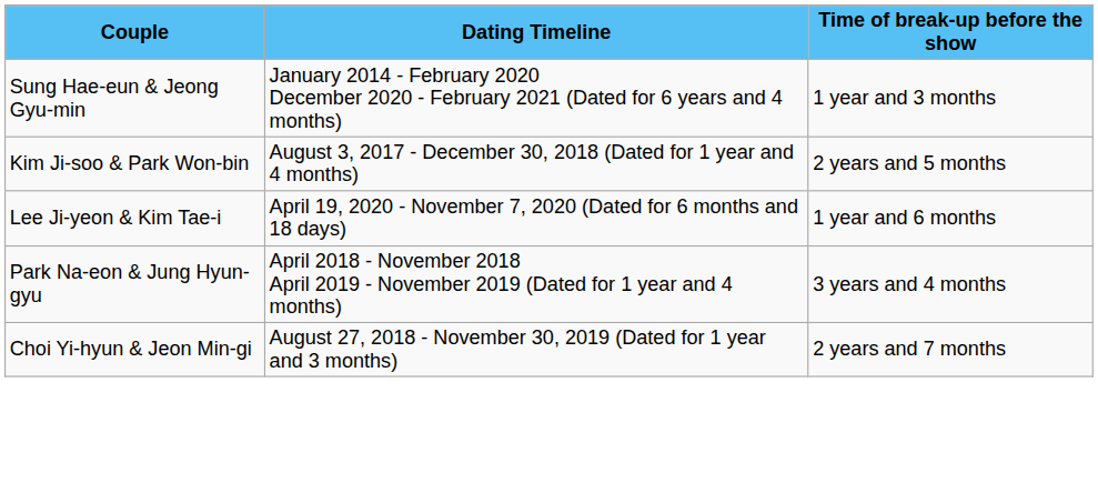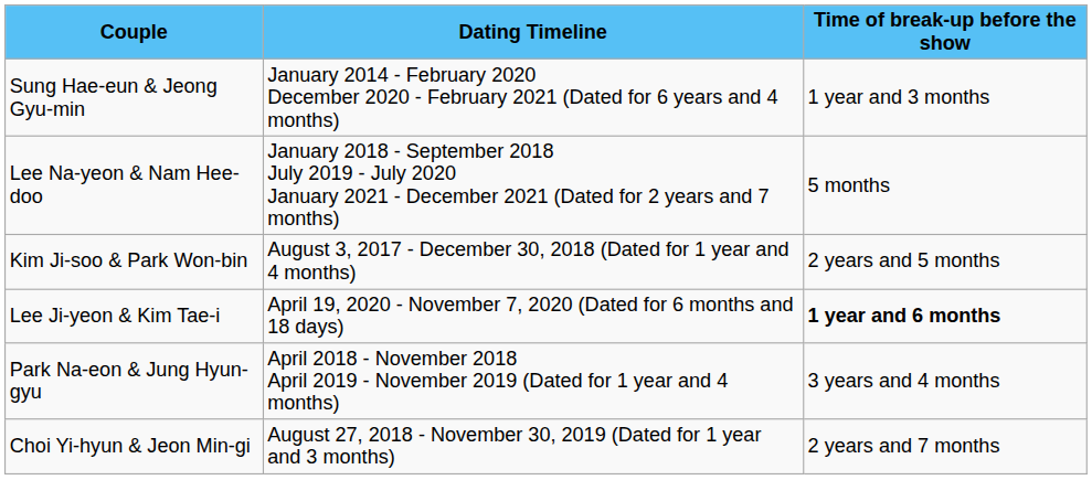 <table class="wikitable sortable" style="line-color:none">
 <tr style="background:#56c0f5; font-weight:bold; text-align:center">
 <td>Couple</td>
 <td>Dating Timeline</td>
 <td>Time of break-up before the show</td>
 </tr>
 <tr>
 <td>Sung Hae-eun & Jeong Gyu-min</td>
 <td>January 2014 - February 2020 <br> December 2020 - February 2021 (Dated for 6 years and 4 months)</td>
 <td>1 year and 3 months</td>
 </tr>
 <tr>
+<td>Lee Na-yeon & Nam Hee-doo</td>
+<td>January 2018 - September 2018 <br> July 2019 - July 2020 <br> January 2021 - December 2021 (Dated for 2 years and 7 months)</td>
+<td>5 months</td>
+</tr>
+<tr>
 <td>Kim Ji-soo & Park Won-bin</td>
 <td>August 3, 2017 - December 30, 2018 (Dated for 1 year and 4 months)</td>
 <td>2 years and 5 months</td>
 </tr>
 <tr>
 <td>Lee Ji-yeon & Kim Tae-i</td>
 <td>April 19, 2020 - November 7, 2020 (Dated for 6 months and 18 days)</td>
-<td>1 year and 6 months</td>
+<td><strong>1 year and 6 months</strong></td>
 </tr>
 <tr>
 <td>Park Na-eon & Jung Hyun-gyu</td>
 <td>April 2018 - November 2018 <br> April 2019 - November 2019 (Dated for 1 year and 4 months)</td>
 <td>3 years and 4 months</td>
 </tr>
 <tr>
 <td>Choi Yi-hyun & Jeon Min-gi</td>
 <td>August 27, 2018 - November 30, 2019 (Dated for 1 year and 3 months)</td>
 <td>2 years and 7 months</td>
 </tr>
 </table>
